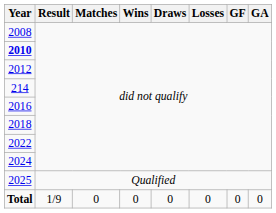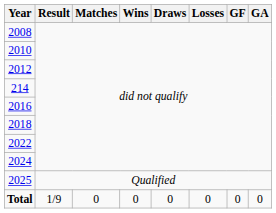 <table class="wikitable" style="text-align: center;">
 <tr>
 <th>Year</th>
 <th>Result</th>
 <th>Matches</th>
 <th>Wins</th>
 <th>Draws</th>
 <th>Losses</th>
 <th>GF</th>
 <th>GA</th>
 </tr>
 <tr>
 <td> <a href='#'>2008</a></td>
 <td colspan=7 rowspan=8><em>did not qualify</em></td>
 </tr>
 <tr>
-<td><strong> <a href='#'>2010</a></strong></td>
+<td> <a href='#'>2010</a></td>
 </tr>
 <tr>
 <td> <a href='#'>2012</a></td>
 </tr>
 <tr>
 <td> <a href='#'>214</a></td>
 </tr>
 <tr>
 <td> <a href='#'>2016</a></td>
 </tr>
 <tr>
 <td> <a href='#'>2018</a></td>
 </tr>
 <tr>
 <td> <a href='#'>2022</a></td>
 </tr>
 <tr>
 <td> <a href='#'>2024</a></td>
 </tr>
 <tr>
 <td> <a href='#'>2025</a></td>
 <td colspan=7><em>Qualified</em></td>
 </tr>
 <tr>
 <td><strong>Total</strong></td>
 <td>1/9</td>
 <td>0</td>
 <td>0</td>
 <td>0</td>
 <td>0</td>
 <td>0</td>
 <td>0</td>
 </tr>
 </table>
